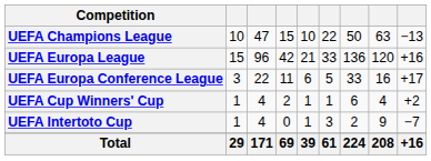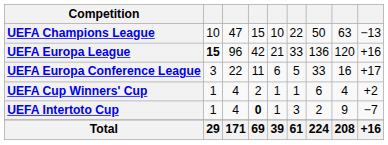 <table class="wikitable" style="text-align: center;">
 <tr>
 <th>Competition</th>
 <th></th>
 <th></th>
 <th></th>
 <th></th>
 <th></th>
 <th></th>
 <th></th>
 <th></th>
 </tr>
 <tr>
 <th style="text-align: left;"><a href='#'>UEFA Champions League</a></th>
 <td>10</td>
 <td>47</td>
 <td>15</td>
 <td>10</td>
 <td>22</td>
 <td>50</td>
 <td>63</td>
 <td>−13</td>
 </tr>
 <tr>
 <th style="text-align: left;"><a href='#'>UEFA Europa League</a></th>
-<td>15</td>
+<td><strong>15</strong></td>
 <td>96</td>
 <td>42</td>
 <td>21</td>
 <td>33</td>
 <td>136</td>
 <td>120</td>
 <td>+16</td>
 </tr>
 <tr>
 <th style="text-align: left;"><a href='#'>UEFA Europa Conference League</a></th>
 <td>3</td>
 <td>22</td>
 <td>11</td>
 <td>6</td>
 <td>5</td>
 <td>33</td>
 <td>16</td>
 <td>+17</td>
 </tr>
 <tr>
 <th style="text-align: left;"><a href='#'>UEFA Cup Winners' Cup</a></th>
 <td>1</td>
 <td>4</td>
 <td>2</td>
 <td>1</td>
 <td>1</td>
 <td>6</td>
 <td>4</td>
 <td>+2</td>
 </tr>
 <tr>
 <th style="text-align: left;"><a href='#'>UEFA Intertoto Cup</a></th>
 <td>1</td>
 <td>4</td>
-<td>0</td>
+<td><strong>0</strong></td>
 <td>1</td>
 <td>3</td>
 <td>2</td>
 <td>9</td>
 <td>−7</td>
 </tr>
 <tr>
 </tr>
 <tr class="sortbottom">
 <th>Total</th>
 <th>29</th>
 <th>171</th>
 <th>69</th>
 <th>39</th>
 <th>61</th>
 <th>224</th>
 <th>208</th>
 <th>+16</th>
 </tr>
 </table>
